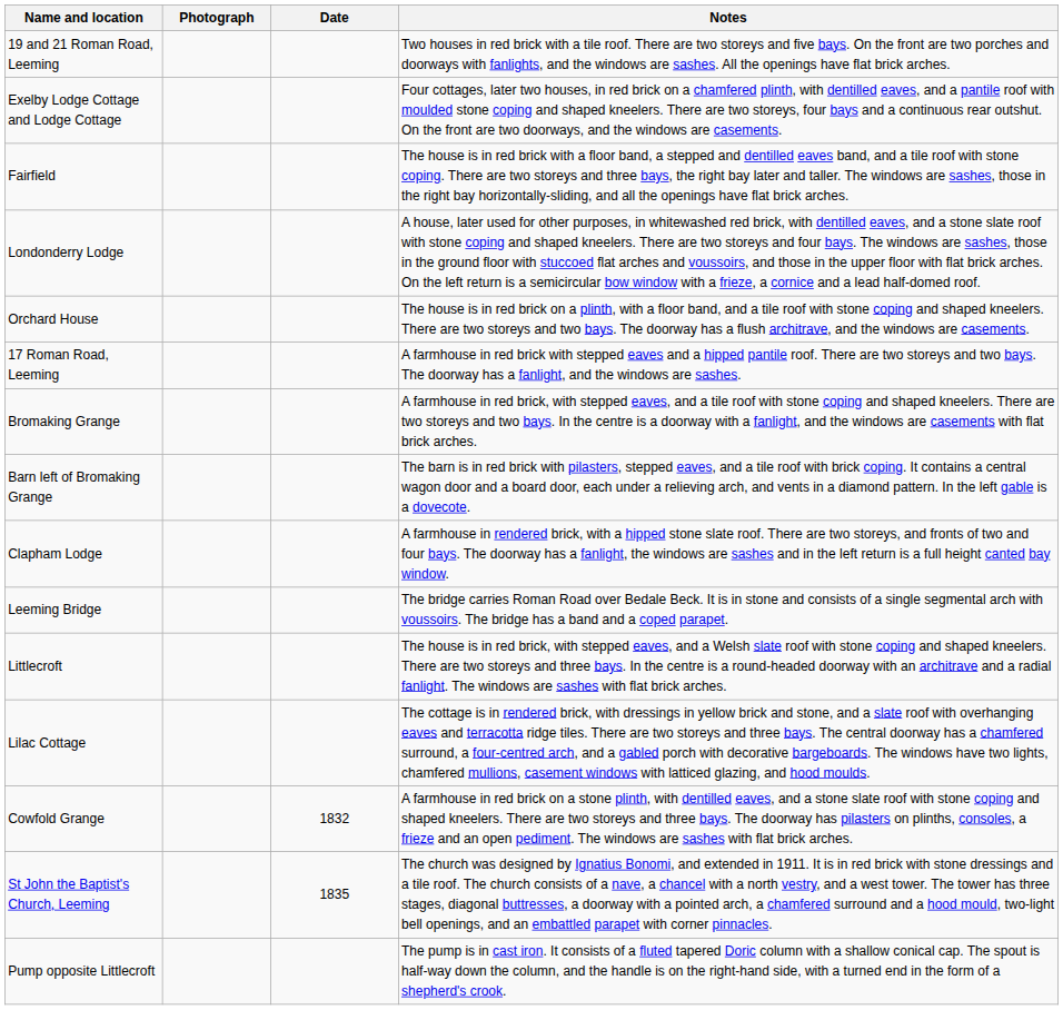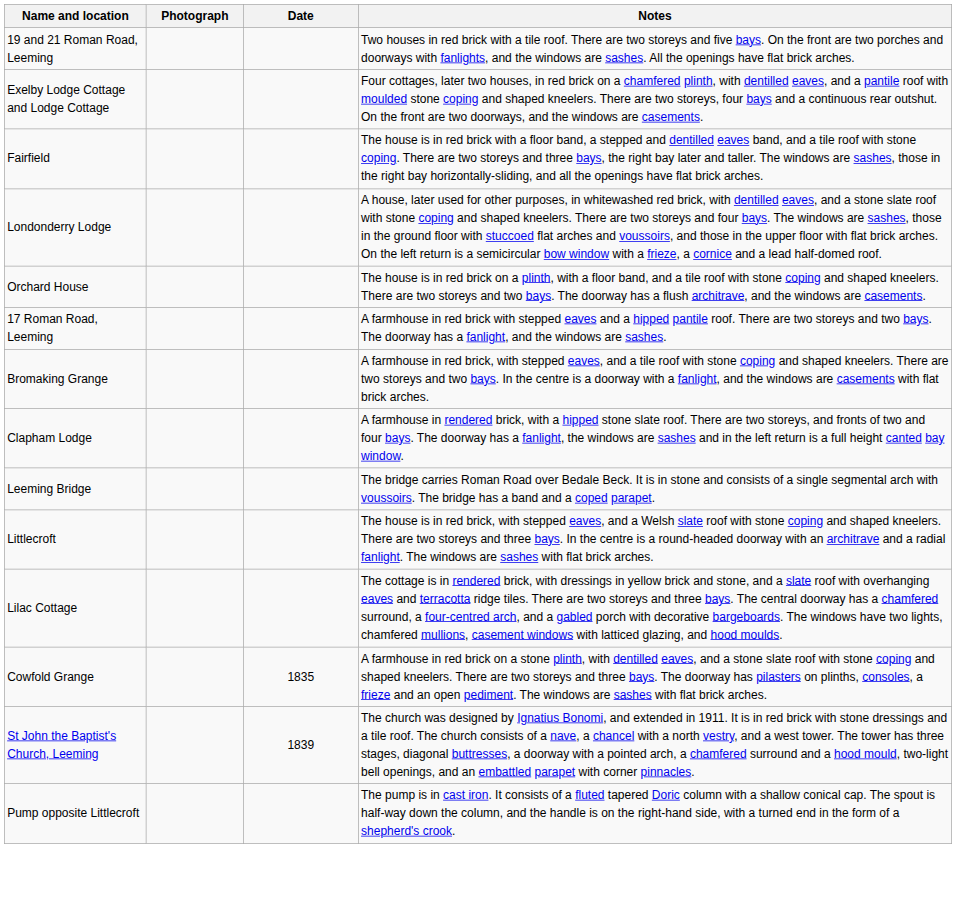 <table class="wikitable sortable plainrowheaders" style="width:100%;border:0px;text-align:left;line-height:150%;">
 <tr>
 <th scope="col"  style="width:150px">Name and location</th>
 <th scope="col"  style="width:100px" class="unsortable">Photograph</th>
 <th scope="col"  style="width:120px">Date</th>
 <th scope="col"  style="width:650px" class="unsortable">Notes</th>
 </tr>
 <tr>
 <td>19 and 21 Roman Road, Leeming<br><small></small></td>
 <td></td>
 <td align="center"></td>
 <td>Two houses in red brick with a tile roof.  There are two storeys and five <a href='#'>bays</a>.  On the front are two porches and doorways with <a href='#'>fanlights</a>, and the windows are <a href='#'>sashes</a>.  All the openings have flat brick arches.</td>
 </tr>
 <tr>
 <td>Exelby Lodge Cottage and Lodge Cottage<br><small></small></td>
 <td></td>
 <td align="center"></td>
 <td>Four cottages, later two houses, in red brick on a <a href='#'>chamfered</a> <a href='#'>plinth</a>, with <a href='#'>dentilled</a> <a href='#'>eaves</a>, and a <a href='#'>pantile</a> roof with <a href='#'>moulded</a> stone <a href='#'>coping</a> and shaped kneelers.  There are two storeys, four <a href='#'>bays</a> and a continuous rear outshut.  On the front are two doorways, and the windows are <a href='#'>casements</a>.</td>
 </tr>
 <tr>
 <td>Fairfield<br><small></small></td>
 <td></td>
 <td align="center"></td>
 <td>The house is in red brick with a floor band, a stepped and <a href='#'>dentilled</a> <a href='#'>eaves</a> band, and a tile roof with stone <a href='#'>coping</a>.  There are two storeys and three <a href='#'>bays</a>, the right bay later and taller.  The windows are <a href='#'>sashes</a>, those in the right bay horizontally-sliding, and all the openings have flat brick arches.</td>
 </tr>
 <tr>
 <td>Londonderry Lodge<br><small></small></td>
 <td></td>
 <td align="center"></td>
 <td>A house, later used for other purposes, in whitewashed red brick, with <a href='#'>dentilled</a> <a href='#'>eaves</a>, and a stone slate roof with stone <a href='#'>coping</a> and shaped kneelers.  There are two storeys and four <a href='#'>bays</a>.  The windows are <a href='#'>sashes</a>, those in the ground floor with <a href='#'>stuccoed</a> flat arches and <a href='#'>voussoirs</a>, and those in the upper floor with flat brick arches.  On the left return is a semicircular <a href='#'>bow window</a> with a <a href='#'>frieze</a>, a <a href='#'>cornice</a> and a lead half-domed roof.</td>
 </tr>
 <tr>
 <td>Orchard House<br><small></small></td>
 <td></td>
 <td align="center"></td>
 <td>The house is in red brick on a <a href='#'>plinth</a>, with a floor band, and a tile roof with stone <a href='#'>coping</a> and shaped kneelers.  There are two storeys and two <a href='#'>bays</a>.  The doorway has a flush <a href='#'>architrave</a>, and the windows are <a href='#'>casements</a>.</td>
 </tr>
 <tr>
 <td>17 Roman Road, Leeming<br><small></small></td>
 <td></td>
 <td align="center"></td>
 <td>A farmhouse in red brick with stepped <a href='#'>eaves</a> and a <a href='#'>hipped</a> <a href='#'>pantile</a> roof.  There are two storeys and two <a href='#'>bays</a>. The doorway has a <a href='#'>fanlight</a>, and the windows are <a href='#'>sashes</a>.</td>
 </tr>
 <tr>
 <td>Bromaking Grange<br><small></small></td>
 <td></td>
 <td align="center"></td>
 <td>A farmhouse in red brick, with stepped <a href='#'>eaves</a>, and a tile roof with stone <a href='#'>coping</a> and shaped kneelers.  There are two storeys and two <a href='#'>bays</a>.  In the centre is a doorway with a <a href='#'>fanlight</a>, and the windows are <a href='#'>casements</a> with flat brick arches.</td>
 </tr>
 <tr>
-<td>Barn left of Bromaking Grange<br><small></small></td>
-<td></td>
-<td align="center"></td>
-<td>The barn is in red brick with <a href='#'>pilasters</a>, stepped <a href='#'>eaves</a>, and a tile roof with brick <a href='#'>coping</a>.  It contains a central wagon door and a board door, each under a relieving arch, and vents in a diamond pattern.  In the left <a href='#'>gable</a> is a <a href='#'>dovecote</a>.</td>
-</tr>
-<tr>
 <td>Clapham Lodge<br><small></small></td>
 <td></td>
 <td align="center"></td>
 <td>A farmhouse in <a href='#'>rendered</a> brick, with a <a href='#'>hipped</a> stone slate roof.  There are two storeys, and fronts of two and four <a href='#'>bays</a>.  The doorway has a <a href='#'>fanlight</a>, the windows are <a href='#'>sashes</a> and in the left return is a full height <a href='#'>canted</a> <a href='#'>bay window</a>.</td>
 </tr>
 <tr>
 <td>Leeming Bridge<br><small></small></td>
 <td></td>
 <td align="center"></td>
 <td>The bridge carries Roman Road over Bedale Beck.  It is in stone and consists of a single segmental arch with <a href='#'>voussoirs</a>.  The bridge has a band and a <a href='#'>coped</a> <a href='#'>parapet</a>.</td>
 </tr>
 <tr>
 <td>Littlecroft<br><small></small></td>
 <td></td>
 <td align="center"></td>
 <td>The house is in red brick, with stepped <a href='#'>eaves</a>, and a Welsh <a href='#'>slate</a> roof with stone <a href='#'>coping</a> and shaped kneelers.  There are two storeys and three <a href='#'>bays</a>.  In the centre is a round-headed doorway with an <a href='#'>architrave</a> and a radial <a href='#'>fanlight</a>.  The windows are <a href='#'>sashes</a> with flat brick arches.</td>
 </tr>
 <tr>
 <td>Lilac Cottage<br><small></small></td>
 <td></td>
 <td align="center"></td>
 <td>The cottage is in <a href='#'>rendered</a> brick, with dressings in yellow brick and stone, and a <a href='#'>slate</a> roof with overhanging <a href='#'>eaves</a> and <a href='#'>terracotta</a> ridge tiles.  There are two storeys and three <a href='#'>bays</a>.  The central doorway has a <a href='#'>chamfered</a> surround, a <a href='#'>four-centred arch</a>, and a <a href='#'>gabled</a> porch with decorative <a href='#'>bargeboards</a>.  The windows have two lights, chamfered <a href='#'>mullions</a>, <a href='#'>casement windows</a> with latticed glazing, and <a href='#'>hood moulds</a>.</td>
 </tr>
 <tr>
 <td>Cowfold Grange<br><small></small></td>
 <td></td>
-<td align="center">1832</td>
+<td align="center">1835</td>
 <td>A farmhouse in red brick on a stone <a href='#'>plinth</a>, with <a href='#'>dentilled</a> <a href='#'>eaves</a>, and a stone slate roof with stone <a href='#'>coping</a> and shaped kneelers.  There are two storeys and three <a href='#'>bays</a>.  The doorway has <a href='#'>pilasters</a> on plinths, <a href='#'>consoles</a>, a <a href='#'>frieze</a> and an open <a href='#'>pediment</a>.  The windows are <a href='#'>sashes</a> with flat brick arches.</td>
 </tr>
 <tr>
 <td><a href='#'>St John the Baptist's Church, Leeming</a><br><small></small></td>
 <td></td>
-<td align="center">1835</td>
+<td align="center">1839</td>
 <td>The church was designed by <a href='#'>Ignatius Bonomi</a>, and extended in 1911.  It is in red brick with stone dressings and a tile roof.  The church consists of a <a href='#'>nave</a>, a <a href='#'>chancel</a> with a north <a href='#'>vestry</a>, and a west tower.  The tower has three stages, diagonal <a href='#'>buttresses</a>, a doorway with a pointed arch, a <a href='#'>chamfered</a> surround and a <a href='#'>hood mould</a>, two-light bell openings, and an <a href='#'>embattled</a> <a href='#'>parapet</a> with corner <a href='#'>pinnacles</a>.</td>
 </tr>
 <tr>
 <td>Pump opposite Littlecroft<br><small></small></td>
 <td></td>
 <td align="center"></td>
 <td>The pump is in <a href='#'>cast iron</a>.  It consists of a <a href='#'>fluted</a> tapered <a href='#'>Doric</a> column with a shallow conical cap. The spout is half-way down the column, and the handle is on the right-hand side, with a turned end in the form of a <a href='#'>shepherd's crook</a>.</td>
 </tr>
 <tr>
 </tr>
 </table>
